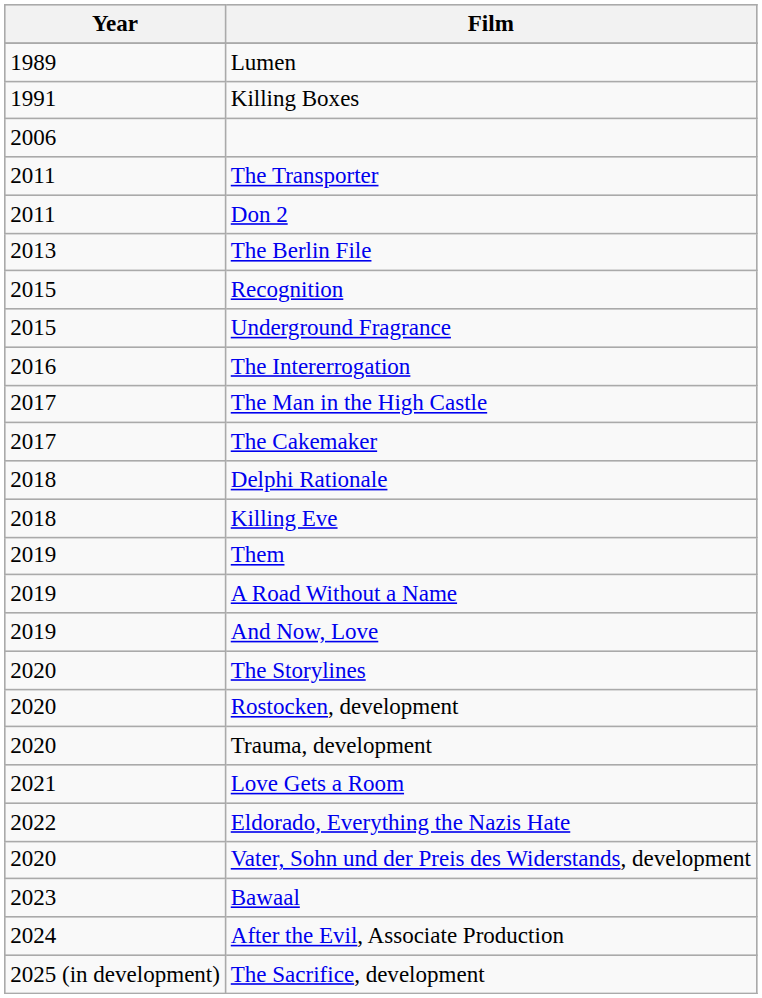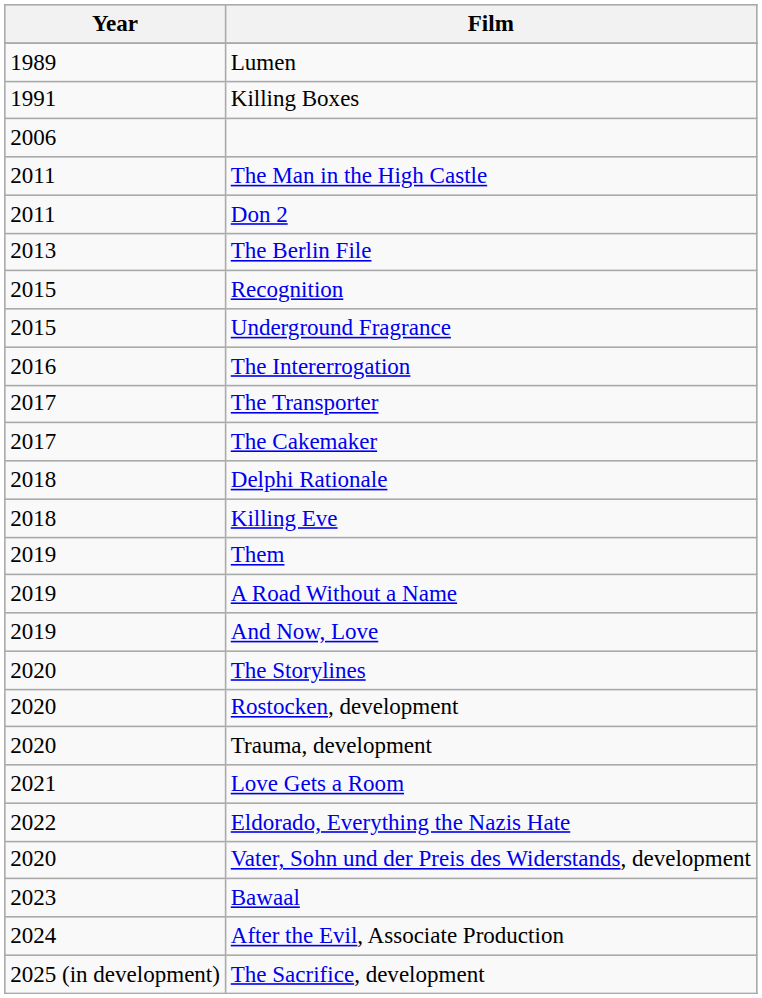 <table class="wikitable" style="font-size:90%">
 <tr style="text-align:center;">
 <th>Year</th>
 <th>Film</th>
 </tr>
 <tr>
 </tr>
 <tr>
 <td>1989</td>
 <td>Lumen</td>
 </tr>
 <tr>
 <td>1991</td>
 <td>Killing Boxes</td>
 </tr>
 <tr>
 <td>2006</td>
 <td></td>
 </tr>
 <tr>
 <td>2011</td>
-<td><a href='#'>The Transporter</a></td>
+<td><a href='#'>The Man in the High Castle</a></td>
 </tr>
 <tr>
 <td>2011</td>
 <td><a href='#'>Don 2</a></td>
 </tr>
 <tr>
 <td>2013</td>
 <td><a href='#'>The Berlin File</a></td>
 </tr>
 <tr>
 <td>2015</td>
 <td><a href='#'>Recognition</a></td>
 </tr>
 <tr>
 <td>2015</td>
 <td><a href='#'>Underground Fragrance</a></td>
 </tr>
 <tr>
 <td>2016</td>
 <td><a href='#'>The Intererrogation</a></td>
 </tr>
 <tr>
 <td>2017</td>
-<td><a href='#'>The Man in the High Castle</a></td>
+<td><a href='#'>The Transporter</a></td>
 </tr>
 <tr>
 <td>2017</td>
 <td><a href='#'>The Cakemaker</a></td>
 </tr>
 <tr>
 <td>2018</td>
 <td><a href='#'>Delphi Rationale</a></td>
 </tr>
 <tr>
 <td>2018</td>
 <td><a href='#'>Killing Eve</a></td>
 </tr>
 <tr>
 <td>2019</td>
 <td><a href='#'>Them</a></td>
 </tr>
 <tr>
 <td>2019</td>
 <td><a href='#'>A Road Without a Name</a></td>
 </tr>
 <tr>
 <td>2019</td>
 <td><a href='#'>And Now, Love</a></td>
 </tr>
 <tr>
 <td>2020</td>
 <td><a href='#'>The Storylines</a></td>
 </tr>
 <tr>
 <td>2020</td>
 <td><a href='#'>Rostocken</a>, development</td>
 </tr>
 <tr>
 <td>2020</td>
 <td>Trauma, development</td>
 </tr>
 <tr>
 <td>2021</td>
 <td><a href='#'>Love Gets a Room</a></td>
 </tr>
 <tr>
 <td>2022</td>
 <td><a href='#'>Eldorado, Everything the Nazis Hate</a></td>
 </tr>
 <tr>
 <td>2020</td>
 <td><a href='#'>Vater, Sohn und der Preis des Widerstands</a>, development</td>
 </tr>
 <tr>
 <td>2023</td>
 <td><a href='#'>Bawaal</a></td>
 </tr>
 <tr>
 <td>2024</td>
 <td><a href='#'>After the Evil</a>, Associate Production</td>
 </tr>
 <tr>
 <td>2025 (in development)</td>
 <td><a href='#'>The Sacrifice</a>, development</td>
 </tr>
 <tr>
 </tr>
 </table>
